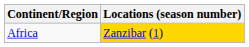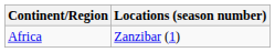 <table class="wikitable">
 <tr>
 <th>Continent/Region</th>
 <th>Locations (season number)</th>
 </tr>
 <tr>
 <td><a href='#'>Africa</a></td>
-<td style="background: gold;"><a href='#'>Zanzibar</a> (<a href='#'>1</a>)</td>
+<td><a href='#'>Zanzibar</a> (<a href='#'>1</a>)</td>
 </tr>
 </table>
